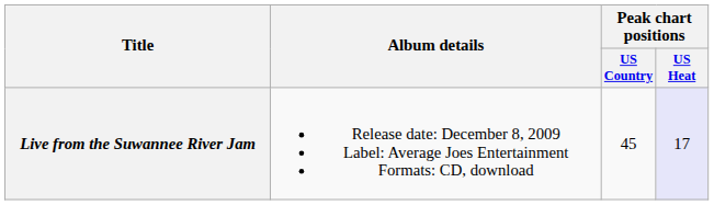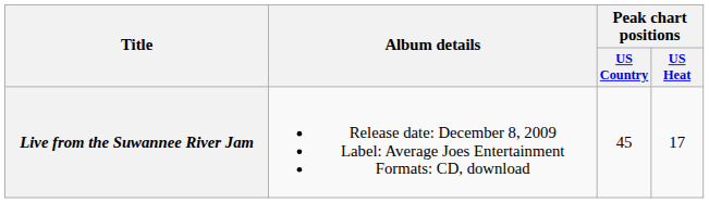 <table class="wikitable plainrowheaders" style="text-align:center;">
 <tr>
 <th rowspan="2" style="width:16em;">Title</th>
 <th rowspan="2" style="width:20em;">Album details</th>
 <th colspan="2">Peak chart<br>positions</th>
 </tr>
 <tr style="font-size:smaller;">
 <th style="width:45px;"><a href='#'>US Country</a><br></th>
 <th style="width:45px;"><a href='#'>US<br>Heat</a><br></th>
 </tr>
 <tr>
 <th scope="row"><em>Live from the Suwannee River Jam</em></th>
 <td><br><ul><li>Release date: December 8, 2009</li><li>Label: Average Joes Entertainment</li><li>Formats: CD, download</li></ul></td>
 <td>45</td>
-<td style="background: lavender;">17</td>
+<td>17</td>
 </tr>
 </table>
